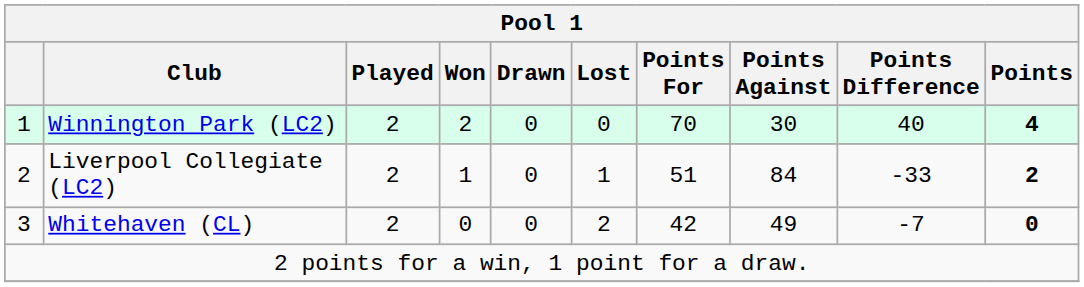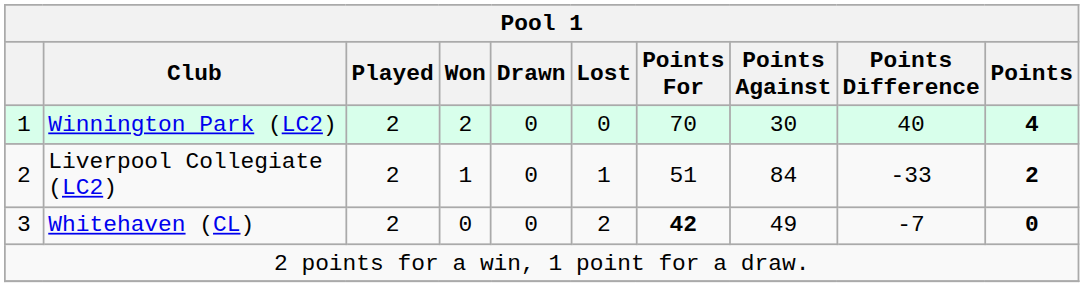 <table class="wikitable" style="text-align: center;">
 <tr>
 <th colspan=15><strong>Pool 1</strong></th>
 </tr>
 <tr>
 <th bgcolor="#efefef" width="20"></th>
 <th bgcolor="#efefef" width="220">Club</th>
 <th bgcolor="#efefef" width="20">Played</th>
 <th bgcolor="#efefef" width="20">Won</th>
 <th bgcolor="#efefef" width="20">Drawn</th>
 <th bgcolor="#efefef" width="20">Lost</th>
 <th bgcolor="#efefef" width="20">Points For</th>
 <th bgcolor="#efefef" width="20">Points Against</th>
 <th bgcolor="#efefef" width="20">Points Difference</th>
 <th bgcolor="#efefef" width="20">Points</th>
 </tr>
 <tr bgcolor=#d8ffeb align=center>
 <td>1</td>
 <td style="text-align:left;"><a href='#'>Winnington Park</a> (<a href='#'>LC2</a>)</td>
 <td>2</td>
 <td>2</td>
 <td>0</td>
 <td>0</td>
 <td>70</td>
 <td>30</td>
 <td>40</td>
 <td><strong>4</strong></td>
 </tr>
 <tr>
 <td>2</td>
 <td style="text-align:left;">Liverpool Collegiate (<a href='#'>LC2</a>)</td>
 <td>2</td>
 <td>1</td>
 <td>0</td>
 <td>1</td>
 <td>51</td>
 <td>84</td>
 <td>-33</td>
 <td><strong>2</strong></td>
 </tr>
 <tr>
 <td>3</td>
 <td style="text-align:left;"><a href='#'>Whitehaven</a> (<a href='#'>CL</a>)</td>
 <td>2</td>
 <td>0</td>
 <td>0</td>
 <td>2</td>
-<td>42</td>
+<td><strong>42</strong></td>
 <td>49</td>
 <td>-7</td>
 <td><strong>0</strong></td>
 </tr>
 <tr>
 <td colspan=15>2 points for a win, 1 point for a draw.</td>
 </tr>
 <tr>
 </tr>
 </table>
